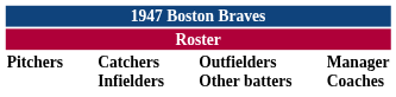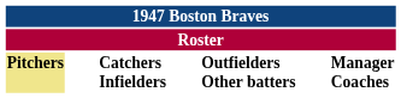 <table class="toccolours" style="font-size: 95%;">
 <tr>
 <th colspan="10" style="background-color: #0f437c; color: white; text-align: center;">1947 Boston Braves</th>
 </tr>
 <tr>
 <td colspan="10" style="background-color: #af0039; color: white; text-align: center;"><strong>Roster</strong></td>
 </tr>
 <tr>
-<td valign="top"><strong>Pitchers</strong><br>                </td>
+<td valign="top" style="background: khaki;"><strong>Pitchers</strong><br>                </td>
 <td width="25px"></td>
 <td valign="top"><strong>Catchers</strong><br>  <strong>Infielders</strong>        </td>
 <td width="25px"></td>
 <td valign="top"><strong>Outfielders</strong><br>      <strong>Other batters</strong> </td>
 <td width="25px"></td>
 <td valign="top"><strong>Manager</strong><br> <strong>Coaches</strong>    </td>
 </tr>
 </table>
